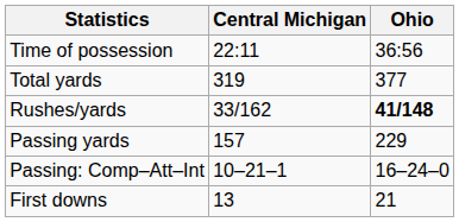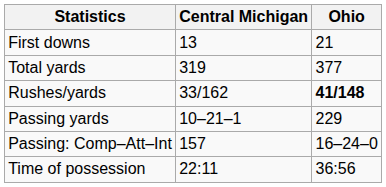 <table class="wikitable" style="float: left;">
 <tr>
 <th>Statistics</th>
 <th>Central Michigan</th>
 <th>Ohio</th>
 </tr>
 <tr>
-<td>Time of possession</td>
-<td>22:11</td>
-<td>36:56</td>
+<td>First downs</td>
+<td>13</td>
+<td>21</td>
 </tr>
 <tr>
 <td>Total yards</td>
 <td>319</td>
 <td>377</td>
 </tr>
 <tr>
 <td>Rushes/yards</td>
 <td>33/162</td>
 <td><strong>41/148</strong></td>
 </tr>
 <tr>
 <td>Passing yards</td>
-<td>157</td>
+<td>10–21–1</td>
 <td>229</td>
 </tr>
 <tr>
 <td>Passing: Comp–Att–Int</td>
-<td>10–21–1</td>
+<td>157</td>
 <td>16–24–0</td>
 </tr>
 <tr>
-<td>First downs</td>
-<td>13</td>
-<td>21</td>
+<td>Time of possession</td>
+<td>22:11</td>
+<td>36:56</td>
 </tr>
 <tr>
 </tr>
 </table>
